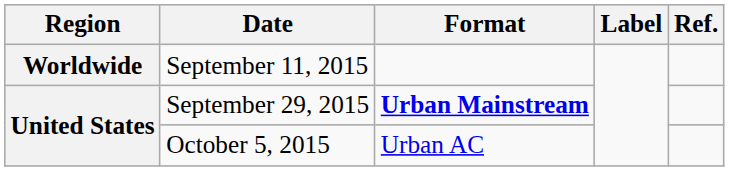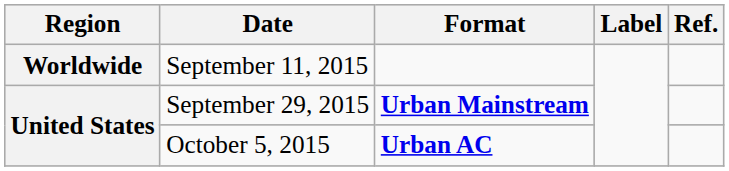 <table class="wikitable plainrowheaders">
 <tr>
 <th scope="col">Region</th>
 <th scope="col">Date</th>
 <th scope="col">Format</th>
 <th scope="col">Label</th>
 <th scope="col">Ref.</th>
 </tr>
 <tr>
 <th scope="row">Worldwide</th>
 <td>September 11, 2015</td>
 <td></td>
 <td rowspan="3"></td>
 <td></td>
 </tr>
 <tr>
 <th scope="row" rowspan="2">United States</th>
 <td>September 29, 2015</td>
 <td><strong><a href='#'>Urban Mainstream</a></strong></td>
 <td></td>
 </tr>
 <tr>
 <td>October 5, 2015</td>
-<td><a href='#'>Urban AC</a></td>
+<td><strong><a href='#'>Urban AC</a></strong></td>
 <td></td>
 </tr>
 </table>
